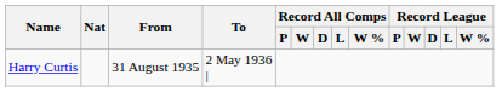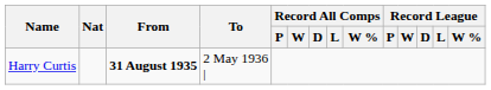 <table class="wikitable" style="text-align: center">
 <tr>
 <th rowspan="2">Name</th>
 <th rowspan="2">Nat</th>
 <th rowspan="2">From</th>
 <th rowspan="2">To</th>
 <th colspan="5">Record All Comps</th>
 <th colspan="5">Record League</th>
 </tr>
 <tr>
 <th>P</th>
 <th>W</th>
 <th>D</th>
 <th>L</th>
 <th>W %</th>
 <th>P</th>
 <th>W</th>
 <th>D</th>
 <th>L</th>
 <th>W %</th>
 </tr>
 <tr>
 <td align=left><a href='#'>Harry Curtis</a></td>
 <td></td>
-<td align=left>31 August 1935</td>
+<td align=left><strong>31 August 1935</strong></td>
 <td align=left>2 May 1936<br>|</td>
 </tr>
 </table>
